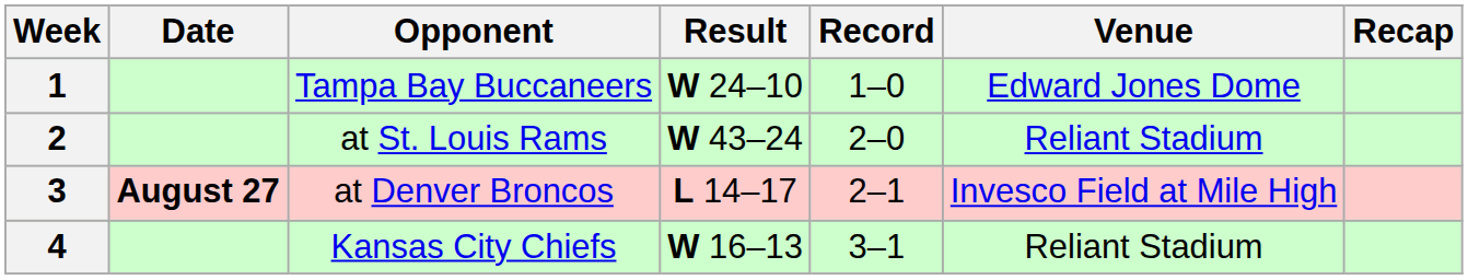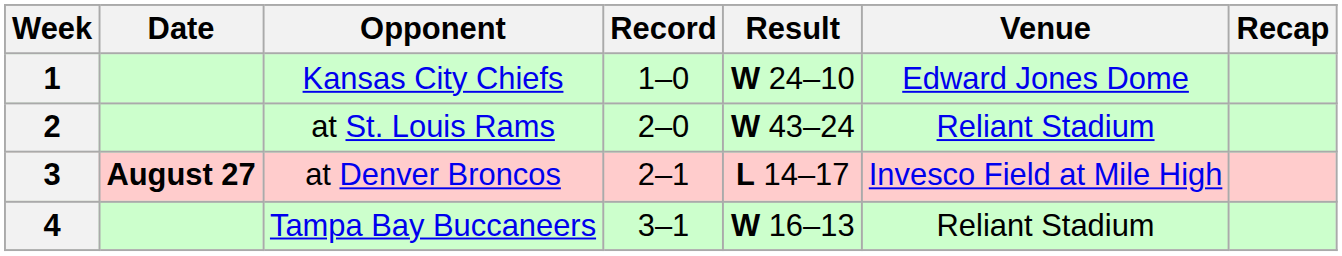 <table class="wikitable" style="text-align:center">
 <tr>
 <th>Week</th>
 <th>Date</th>
 <th>Opponent</th>
+<th>Record</th>
 <th>Result</th>
-<th>Record</th>
 <th>Venue</th>
 <th>Recap</th>
 </tr>
 <tr style="background:#cfc">
 <th>1</th>
 <td></td>
-<td><a href='#'>Tampa Bay Buccaneers</a></td>
+<td><a href='#'>Kansas City Chiefs</a></td>
+<td>1–0</td>
 <td><strong>W</strong> 24–10</td>
-<td>1–0</td>
 <td><a href='#'>Edward Jones Dome</a></td>
 <td></td>
 </tr>
 <tr style="background:#cfc">
 <th>2</th>
 <td></td>
 <td>at <a href='#'>St. Louis Rams</a></td>
+<td>2–0</td>
 <td><strong>W</strong> 43–24</td>
-<td>2–0</td>
 <td><a href='#'>Reliant Stadium</a></td>
 <td></td>
 </tr>
 <tr style="background:#fcc">
 <th>3</th>
 <td><strong>August 27</strong></td>
 <td>at <a href='#'>Denver Broncos</a></td>
+<td>2–1</td>
 <td><strong>L</strong> 14–17</td>
-<td>2–1</td>
 <td><a href='#'>Invesco Field at Mile High</a></td>
 <td></td>
 </tr>
 <tr style="background:#cfc">
 <th>4</th>
 <td></td>
-<td><a href='#'>Kansas City Chiefs</a></td>
+<td><a href='#'>Tampa Bay Buccaneers</a></td>
+<td>3–1</td>
 <td><strong>W</strong> 16–13</td>
-<td>3–1</td>
 <td>Reliant Stadium</td>
 <td></td>
 </tr>
 </table>
